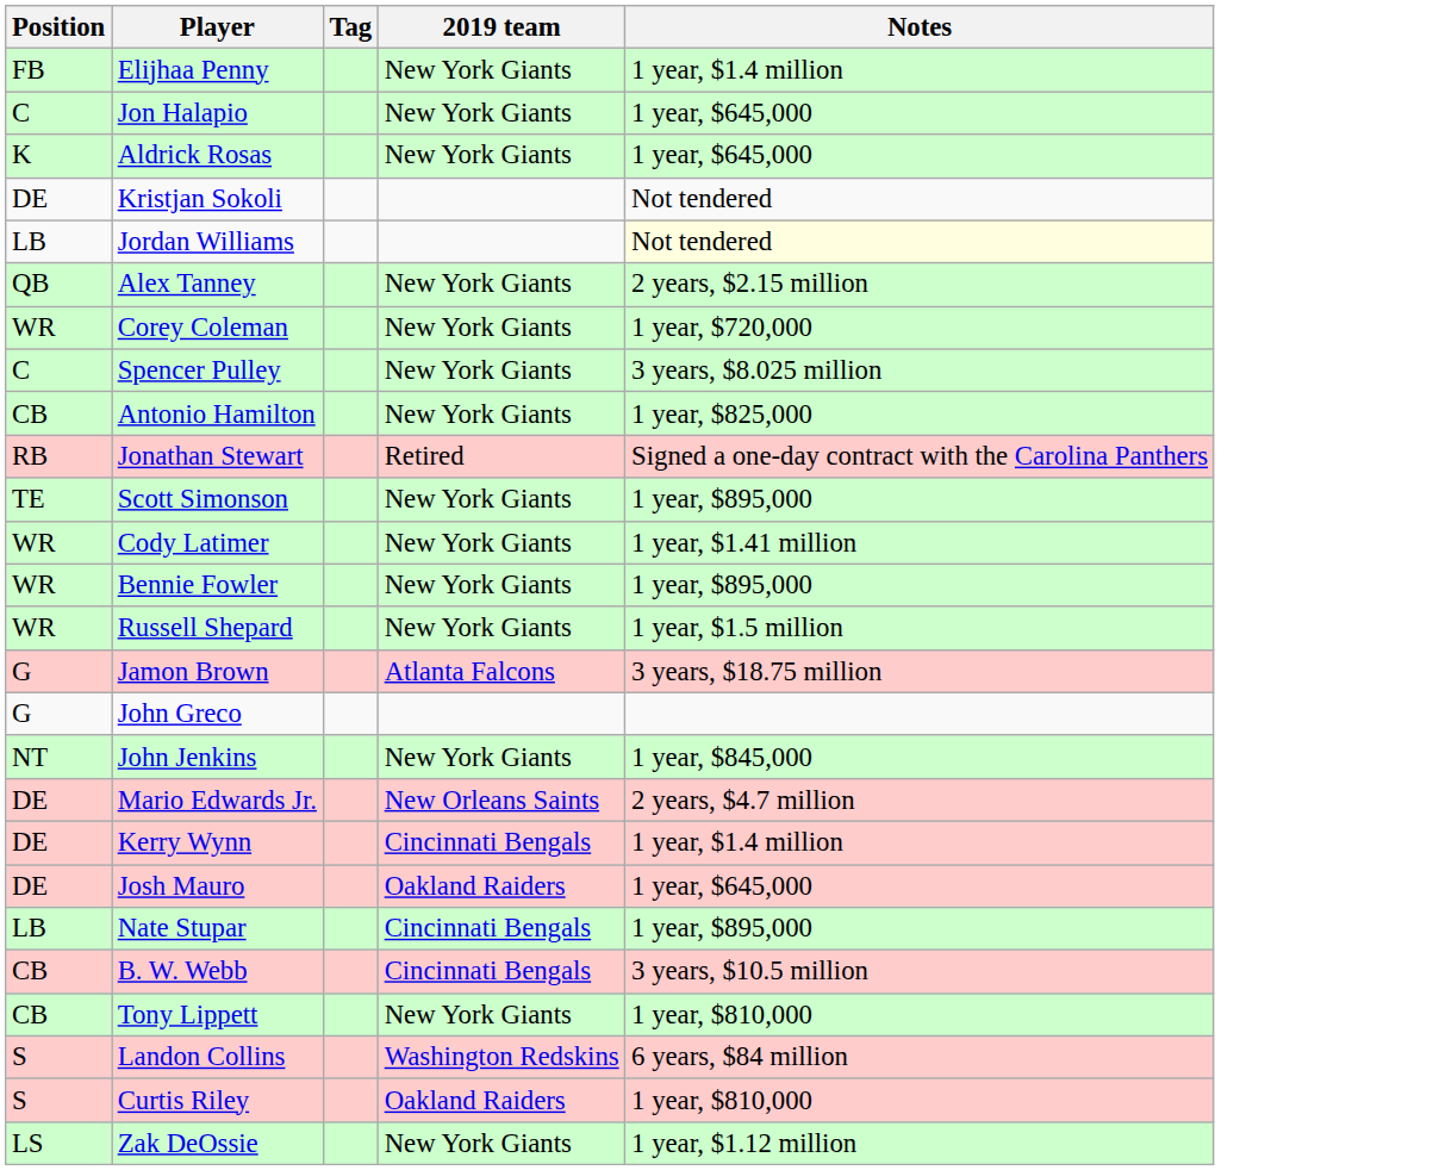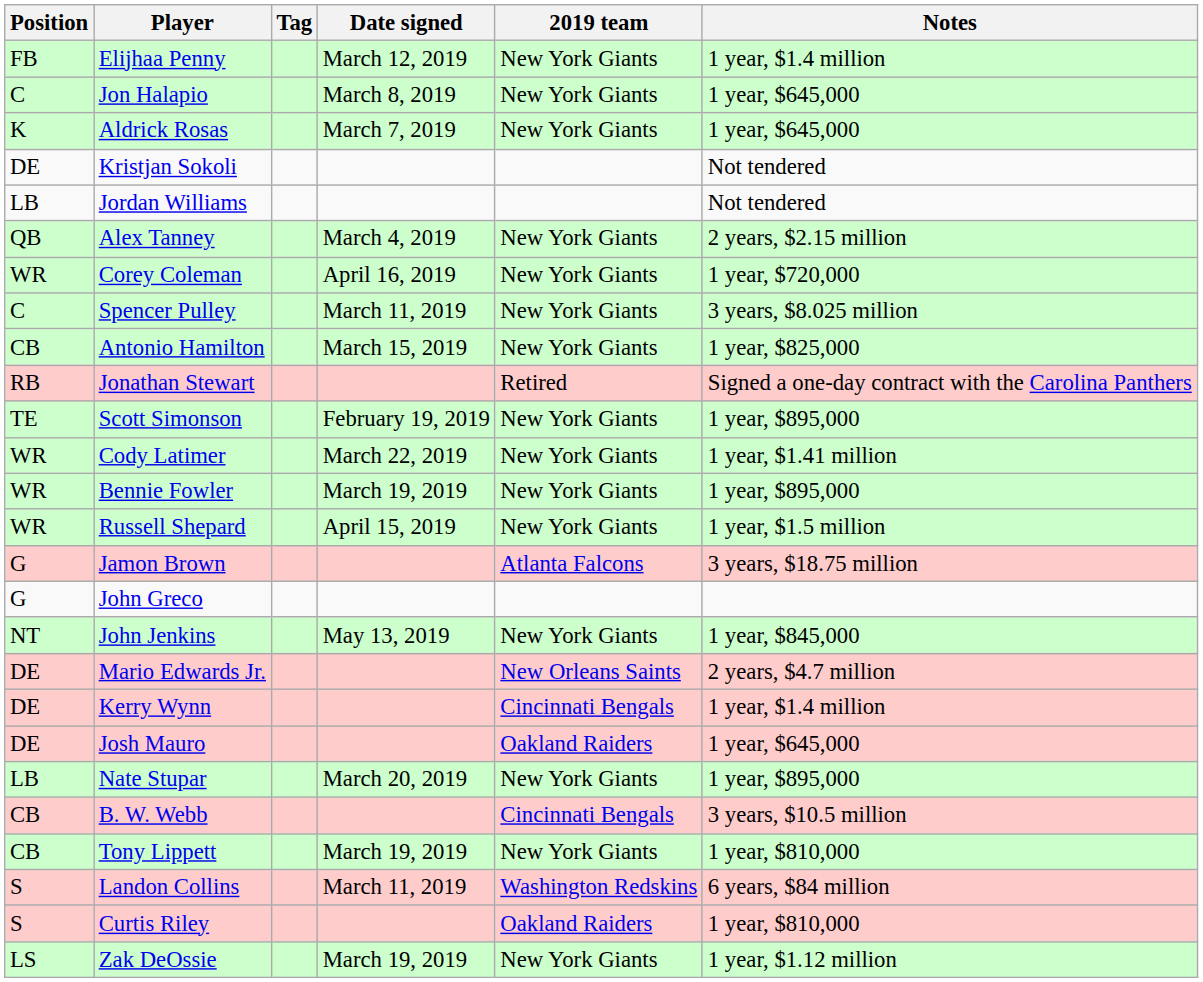 <table class="wikitable">
 <tr>
 <th>Position</th>
 <th>Player</th>
 <th>Tag</th>
+<th>Date signed</th>
 <th>2019 team</th>
 <th>Notes</th>
 </tr>
 <tr bgcolor="#ccffcc">
 <td>FB</td>
 <td><a href='#'>Elijhaa Penny</a></td>
 <td></td>
+<td>March 12, 2019</td>
 <td>New York Giants</td>
 <td>1 year, $1.4 million</td>
 </tr>
 <tr bgcolor="#ccffcc">
 <td>C</td>
 <td><a href='#'>Jon Halapio</a></td>
 <td></td>
+<td>March 8, 2019</td>
 <td>New York Giants</td>
 <td>1 year, $645,000</td>
 </tr>
 <tr bgcolor="#ccffcc">
 <td>K</td>
 <td><a href='#'>Aldrick Rosas</a></td>
 <td></td>
+<td>March 7, 2019</td>
 <td>New York Giants</td>
 <td>1 year, $645,000</td>
 </tr>
 <tr>
 <td>DE</td>
 <td><a href='#'>Kristjan Sokoli</a></td>
+<td></td>
 <td></td>
 <td></td>
 <td>Not tendered</td>
 </tr>
 <tr>
 <td>LB</td>
 <td><a href='#'>Jordan Williams</a></td>
 <td></td>
 <td></td>
-<td style="background: lightyellow;">Not tendered</td>
+<td></td>
+<td>Not tendered</td>
 </tr>
 <tr bgcolor="#ccffcc">
 <td>QB</td>
 <td><a href='#'>Alex Tanney</a></td>
 <td></td>
+<td>March 4, 2019</td>
 <td>New York Giants</td>
 <td>2 years, $2.15 million</td>
 </tr>
 <tr bgcolor="#ccffcc">
 <td>WR</td>
 <td><a href='#'>Corey Coleman</a></td>
 <td></td>
+<td>April 16, 2019</td>
 <td>New York Giants</td>
 <td>1 year, $720,000</td>
 </tr>
 <tr bgcolor="#ccffcc">
 <td>C</td>
 <td><a href='#'>Spencer Pulley</a></td>
 <td></td>
+<td>March 11, 2019</td>
 <td>New York Giants</td>
 <td>3 years, $8.025 million</td>
 </tr>
 <tr bgcolor="#ccffcc">
 <td>CB</td>
 <td><a href='#'>Antonio Hamilton</a></td>
 <td></td>
+<td>March 15, 2019</td>
 <td>New York Giants</td>
 <td>1 year, $825,000</td>
 </tr>
 <tr bgcolor="#ffcccc">
 <td>RB</td>
 <td><a href='#'>Jonathan Stewart</a></td>
+<td></td>
 <td></td>
 <td>Retired</td>
 <td>Signed a one-day contract with the <a href='#'>Carolina Panthers</a></td>
 </tr>
 <tr bgcolor="#ccffcc">
 <td>TE</td>
 <td><a href='#'>Scott Simonson</a></td>
 <td></td>
+<td>February 19, 2019</td>
 <td>New York Giants</td>
 <td>1 year, $895,000</td>
 </tr>
 <tr bgcolor="#ccffcc">
 <td>WR</td>
 <td><a href='#'>Cody Latimer</a></td>
 <td></td>
+<td>March 22, 2019</td>
 <td>New York Giants</td>
 <td>1 year, $1.41 million</td>
 </tr>
 <tr bgcolor="#ccffcc">
 <td>WR</td>
 <td><a href='#'>Bennie Fowler</a></td>
 <td></td>
+<td>March 19, 2019</td>
 <td>New York Giants</td>
 <td>1 year, $895,000</td>
 </tr>
 <tr bgcolor="#ccffcc">
 <td>WR</td>
 <td><a href='#'>Russell Shepard</a></td>
 <td></td>
+<td>April 15, 2019</td>
 <td>New York Giants</td>
 <td>1 year, $1.5 million</td>
 </tr>
 <tr bgcolor="#ffcccc">
 <td>G</td>
 <td><a href='#'>Jamon Brown</a></td>
+<td></td>
 <td></td>
 <td><a href='#'>Atlanta Falcons</a></td>
 <td>3 years, $18.75 million</td>
 </tr>
 <tr>
 <td>G</td>
 <td><a href='#'>John Greco</a></td>
 <td></td>
 <td></td>
 <td></td>
+<td></td>
 </tr>
 <tr bgcolor="#ccffcc">
 <td>NT</td>
 <td><a href='#'>John Jenkins</a></td>
 <td></td>
+<td>May 13, 2019</td>
 <td>New York Giants</td>
 <td>1 year, $845,000</td>
 </tr>
 <tr bgcolor="#ffcccc">
 <td>DE</td>
 <td><a href='#'>Mario Edwards Jr.</a></td>
+<td></td>
 <td></td>
 <td><a href='#'>New Orleans Saints</a></td>
 <td>2 years, $4.7 million</td>
 </tr>
 <tr bgcolor="#ffcccc">
 <td>DE</td>
 <td><a href='#'>Kerry Wynn</a></td>
 <td></td>
+<td></td>
 <td><a href='#'>Cincinnati Bengals</a></td>
 <td>1 year, $1.4 million</td>
 </tr>
 <tr bgcolor="#ffcccc">
 <td>DE</td>
 <td><a href='#'>Josh Mauro</a></td>
+<td></td>
 <td></td>
 <td><a href='#'>Oakland Raiders</a></td>
 <td>1 year, $645,000</td>
 </tr>
 <tr bgcolor="#ccffcc">
 <td>LB</td>
 <td><a href='#'>Nate Stupar</a></td>
 <td></td>
-<td><a href='#'>Cincinnati Bengals</a></td>
+<td>March 20, 2019</td>
+<td>New York Giants</td>
 <td>1 year, $895,000</td>
 </tr>
 <tr bgcolor="#ffcccc">
 <td>CB</td>
 <td><a href='#'>B. W. Webb</a></td>
+<td></td>
 <td></td>
 <td><a href='#'>Cincinnati Bengals</a></td>
 <td>3 years, $10.5 million</td>
 </tr>
 <tr bgcolor="#ccffcc">
 <td>CB</td>
 <td><a href='#'>Tony Lippett</a></td>
 <td></td>
+<td>March 19, 2019</td>
 <td>New York Giants</td>
 <td>1 year, $810,000</td>
 </tr>
 <tr bgcolor="#ffcccc">
 <td>S</td>
 <td><a href='#'>Landon Collins</a></td>
 <td></td>
+<td>March 11, 2019</td>
 <td><a href='#'>Washington Redskins</a></td>
 <td>6 years, $84 million</td>
 </tr>
 <tr bgcolor="#ffcccc">
 <td>S</td>
 <td><a href='#'>Curtis Riley</a></td>
+<td></td>
 <td></td>
 <td><a href='#'>Oakland Raiders</a></td>
 <td>1 year, $810,000</td>
 </tr>
 <tr bgcolor="#ccffcc">
 <td>LS</td>
 <td><a href='#'>Zak DeOssie</a></td>
 <td></td>
+<td>March 19, 2019</td>
 <td>New York Giants</td>
 <td>1 year, $1.12 million</td>
 </tr>
 </table>
